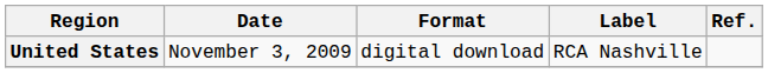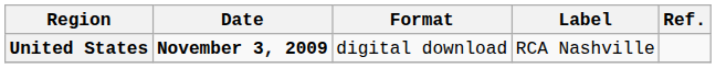 <table class="wikitable plainrowheaders">
 <tr>
 <th scope="col">Region</th>
 <th scope="col">Date</th>
 <th scope="col">Format</th>
 <th scope="col">Label</th>
 <th scope="col">Ref.</th>
 </tr>
 <tr>
 <th scope="row">United States</th>
-<td>November 3, 2009</td>
+<td><strong>November 3, 2009</strong></td>
 <td>digital download</td>
 <td>RCA Nashville</td>
 <td style="text-align:center;"></td>
 </tr>
 <tr>
 </tr>
 </table>
